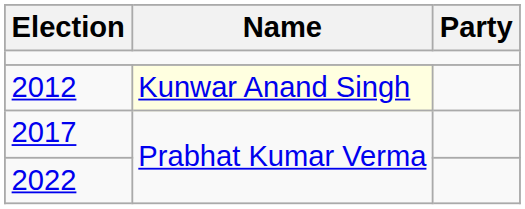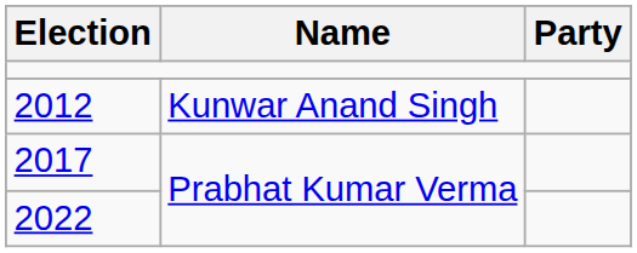 <table class="wikitable sortable">
 <tr>
 <th>Election</th>
 <th>Name</th>
 <th colspan=2>Party</th>
 </tr>
 <tr>
 <td colspan="4"></td>
 </tr>
 <tr>
 <td><a href='#'>2012</a></td>
-<td style="background: lightyellow;"><a href='#'>Kunwar Anand Singh</a></td>
+<td><a href='#'>Kunwar Anand Singh</a></td>
 <td></td>
 </tr>
 <tr>
 <td><a href='#'>2017</a></td>
 <td rowspan="2"><a href='#'>Prabhat Kumar Verma</a></td>
 <td></td>
 </tr>
 <tr>
 <td><a href='#'>2022</a></td>
 </tr>
 </table>
